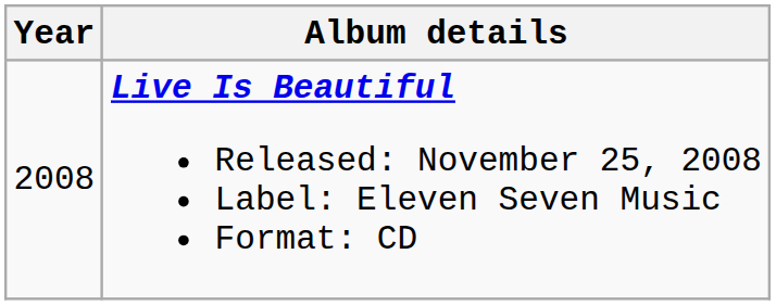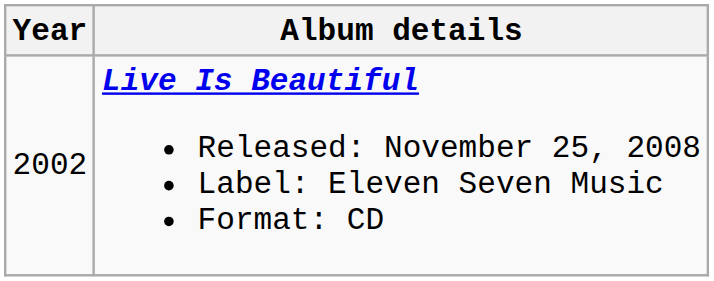 <table class="wikitable">
 <tr>
 <th>Year</th>
 <th>Album details</th>
 </tr>
 <tr>
-<td>2008</td>
+<td>2002</td>
 <td><strong><em><a href='#'>Live Is Beautiful</a></em></strong><br><ul><li>Released: November 25, 2008</li><li>Label: Eleven Seven Music</li><li>Format: CD</li></ul></td>
 </tr>
 </table>
